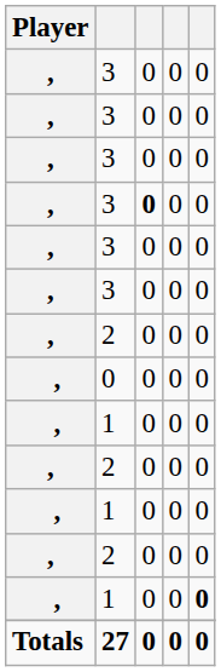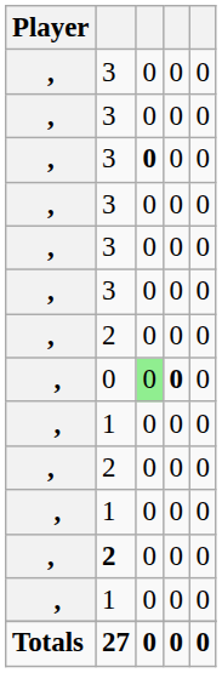 <table class="wikitable sortable plainrowheaders">
 <tr>
 <th scope="col">Player</th>
 <th scope="col"></th>
 <th scope="col"></th>
 <th scope="col"></th>
 <th scope="col"></th>
-</tr>
-<tr>
-<th scope="row">, </th>
-<td>3</td>
-<td>0</td>
-<td>0</td>
-<td>0</td>
 </tr>
 <tr>
 <th scope="row">, </th>
 <td>3</td>
 <td>0</td>
 <td>0</td>
 <td>0</td>
 </tr>
 <tr>
 <th scope="row">, </th>
 <td>3</td>
 <td>0</td>
 <td>0</td>
 <td>0</td>
 </tr>
 <tr>
 <th scope="row">, </th>
 <td>3</td>
 <td><strong>0</strong></td>
 <td>0</td>
 <td>0</td>
 </tr>
 <tr>
 <th scope="row">, </th>
 <td>3</td>
 <td>0</td>
 <td>0</td>
 <td>0</td>
 </tr>
 <tr>
 <th scope="row">, </th>
 <td>3</td>
 <td>0</td>
 <td>0</td>
 <td>0</td>
 </tr>
 <tr>
 <th scope="row">, </th>
+<td>3</td>
+<td>0</td>
+<td>0</td>
+<td>0</td>
+</tr>
+<tr>
+<th scope="row">, </th>
 <td>2</td>
 <td>0</td>
 <td>0</td>
 <td>0</td>
 </tr>
 <tr>
 <th scope="row">  , </th>
 <td>0</td>
-<td>0</td>
-<td>0</td>
+<td style="background: lightgreen;">0</td>
+<td><strong>0</strong></td>
 <td>0</td>
 </tr>
 <tr>
 <th scope="row">  , </th>
 <td>1</td>
 <td>0</td>
 <td>0</td>
 <td>0</td>
 </tr>
 <tr>
 <th scope="row">, </th>
 <td>2</td>
 <td>0</td>
 <td>0</td>
 <td>0</td>
 </tr>
 <tr>
 <th scope="row">  , </th>
 <td>1</td>
 <td>0</td>
 <td>0</td>
 <td>0</td>
 </tr>
 <tr>
 <th scope="row">, </th>
-<td>2</td>
+<td><strong>2</strong></td>
 <td>0</td>
 <td>0</td>
 <td>0</td>
 </tr>
 <tr>
 <th scope="row">  , </th>
 <td>1</td>
 <td>0</td>
 <td>0</td>
-<td><strong>0</strong></td>
+<td>0</td>
 </tr>
 <tr>
 </tr>
 <tr class="sortbottom">
 <td><strong>Totals</strong></td>
 <td><strong>27</strong></td>
 <td><strong>0</strong></td>
 <td><strong>0</strong></td>
 <td><strong>0</strong></td>
 </tr>
 </table>
